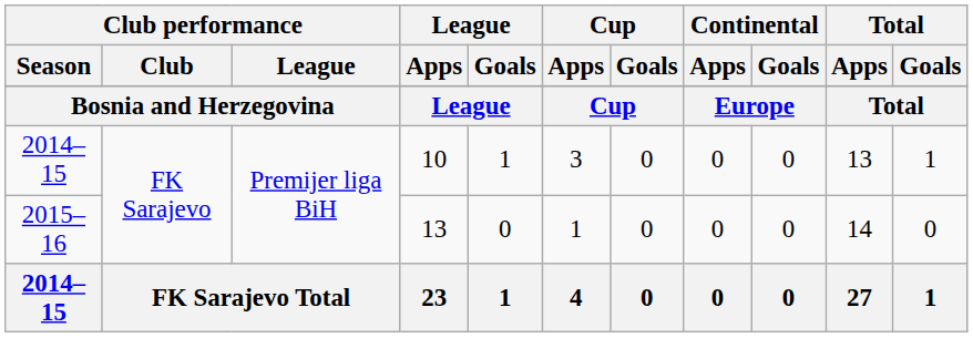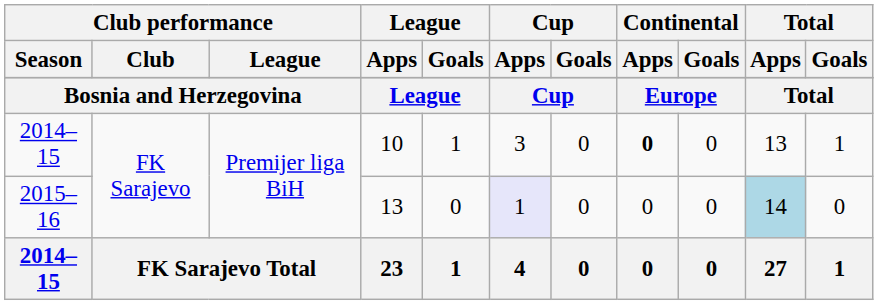 <table class="wikitable" style="text-align:center">
 <tr>
 <th colspan=3>Club performance</th>
 <th colspan=2>League</th>
 <th colspan=2>Cup</th>
 <th colspan=2>Continental</th>
 <th colspan=2>Total</th>
 </tr>
 <tr>
 <th>Season</th>
 <th>Club</th>
 <th>League</th>
 <th>Apps</th>
 <th>Goals</th>
 <th>Apps</th>
 <th>Goals</th>
 <th>Apps</th>
 <th>Goals</th>
 <th>Apps</th>
 <th>Goals</th>
 </tr>
 <tr>
 </tr>
 <tr>
 <th colspan=3>Bosnia and Herzegovina</th>
 <th colspan=2><a href='#'>League</a></th>
 <th colspan=2><a href='#'>Cup</a></th>
 <th colspan=2><a href='#'>Europe</a></th>
 <th colspan=2>Total</th>
 </tr>
 <tr>
 <td><a href='#'>2014–15</a></td>
 <td rowspan="2"><a href='#'>FK Sarajevo</a></td>
 <td rowspan="2"><a href='#'>Premijer liga BiH</a></td>
 <td>10</td>
 <td>1</td>
 <td>3</td>
 <td>0</td>
-<td>0</td>
+<td><strong>0</strong></td>
 <td>0</td>
 <td>13</td>
 <td>1</td>
 </tr>
 <tr>
 <td><a href='#'>2015–16</a></td>
 <td>13</td>
 <td>0</td>
-<td>1</td>
+<td style="background: lavender;">1</td>
 <td>0</td>
 <td>0</td>
 <td>0</td>
-<td>14</td>
+<td style="background: lightblue;">14</td>
 <td>0</td>
 </tr>
 <tr>
 <th><a href='#'>2014–15</a></th>
 <th colspan=2>FK Sarajevo Total</th>
 <th>23</th>
 <th>1</th>
 <th>4</th>
 <th>0</th>
 <th>0</th>
 <th>0</th>
 <th>27</th>
 <th>1</th>
 </tr>
 </table>
